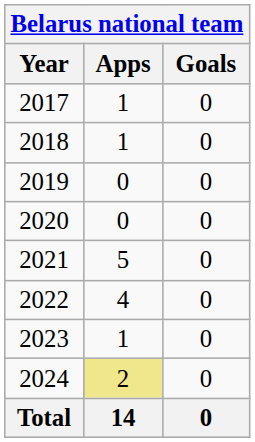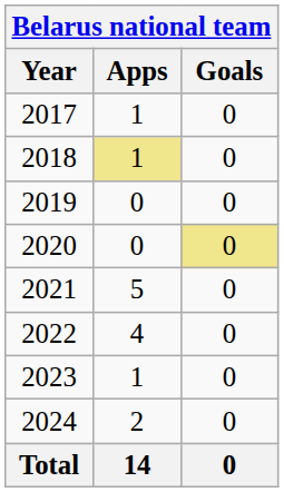 <table class="wikitable" style="text-align:center">
 <tr>
 <th colspan=3><a href='#'>Belarus national team</a></th>
 </tr>
 <tr>
 <th>Year</th>
 <th>Apps</th>
 <th>Goals</th>
 </tr>
 <tr>
 <td>2017</td>
 <td>1</td>
 <td>0</td>
 </tr>
 <tr>
 <td>2018</td>
-<td>1</td>
+<td style="background: khaki;">1</td>
 <td>0</td>
 </tr>
 <tr>
 <td>2019</td>
 <td>0</td>
 <td>0</td>
 </tr>
 <tr>
 <td>2020</td>
 <td>0</td>
-<td>0</td>
+<td style="background: khaki;">0</td>
 </tr>
 <tr>
 <td>2021</td>
 <td>5</td>
 <td>0</td>
 </tr>
 <tr>
 <td>2022</td>
 <td>4</td>
 <td>0</td>
 </tr>
 <tr>
 <td>2023</td>
 <td>1</td>
 <td>0</td>
 </tr>
 <tr>
 <td>2024</td>
-<td style="background: khaki;">2</td>
+<td>2</td>
 <td>0</td>
 </tr>
 <tr>
 <th>Total</th>
 <th>14</th>
 <th>0</th>
 </tr>
 </table>
